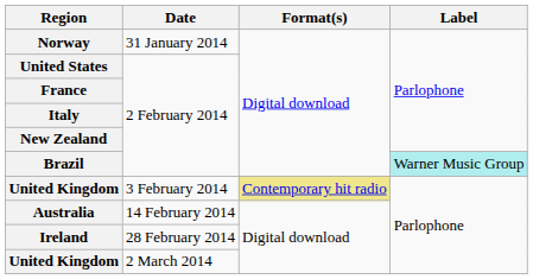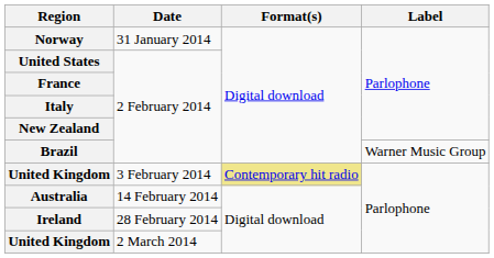 <table class="wikitable plainrowheaders">
 <tr>
 <th scope="col">Region</th>
 <th scope="col">Date</th>
 <th scope="col">Format(s)</th>
 <th scope="col">Label</th>
 </tr>
 <tr>
 <th scope="row">Norway</th>
 <td>31 January 2014</td>
 <td rowspan="6"><a href='#'>Digital download</a></td>
 <td rowspan="5"><a href='#'>Parlophone</a></td>
 </tr>
 <tr>
 <th scope="row">United States</th>
 <td rowspan="5">2 February 2014</td>
 </tr>
 <tr>
 <th scope="row">France</th>
 </tr>
 <tr>
 <th scope="row">Italy</th>
 </tr>
 <tr>
 <th scope="row">New Zealand</th>
 </tr>
 <tr>
 <th scope="row">Brazil</th>
-<td style="background: paleturquoise;">Warner Music Group</td>
+<td>Warner Music Group</td>
 </tr>
 <tr>
 <th scope="row">United Kingdom</th>
 <td>3 February 2014</td>
 <td style="background: khaki;"><a href='#'>Contemporary hit radio</a></td>
 <td rowspan="4">Parlophone</td>
 </tr>
 <tr>
 <th scope="row">Australia</th>
 <td>14 February 2014</td>
 <td rowspan="3">Digital download</td>
 </tr>
 <tr>
 <th scope="row">Ireland</th>
 <td>28 February 2014</td>
 </tr>
 <tr>
 <th scope="row">United Kingdom</th>
 <td>2 March 2014</td>
 </tr>
 </table>
